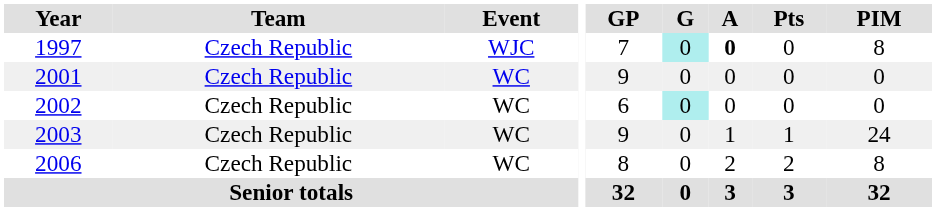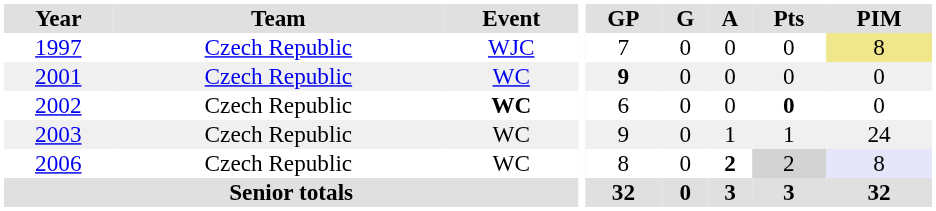 <table border="0" cellpadding="1" cellspacing="0" ID="Table3" style="text-align:center; width:40em">
 <tr ALIGN="center" bgcolor="#e0e0e0">
 <th>Year</th>
 <th>Team</th>
 <th>Event</th>
 <th rowspan="99" bgcolor="#ffffff"></th>
 <th>GP</th>
 <th>G</th>
 <th>A</th>
 <th>Pts</th>
 <th>PIM</th>
 </tr>
 <tr>
 <td><a href='#'>1997</a></td>
 <td><a href='#'>Czech Republic</a></td>
 <td><a href='#'>WJC</a></td>
 <td>7</td>
-<td style="background: paleturquoise;">0</td>
-<td><strong>0</strong></td>
 <td>0</td>
-<td>8</td>
+<td>0</td>
+<td>0</td>
+<td style="background: khaki;">8</td>
 </tr>
 <tr bgcolor="#f0f0f0">
 <td><a href='#'>2001</a></td>
 <td><a href='#'>Czech Republic</a></td>
 <td><a href='#'>WC</a></td>
-<td>9</td>
+<td><strong>9</strong></td>
 <td>0</td>
 <td>0</td>
 <td>0</td>
 <td>0</td>
 </tr>
 <tr>
 <td><a href='#'>2002</a></td>
 <td>Czech Republic</td>
-<td>WC</td>
+<td><strong>WC</strong></td>
 <td>6</td>
-<td style="background: paleturquoise;">0</td>
 <td>0</td>
 <td>0</td>
+<td><strong>0</strong></td>
 <td>0</td>
 </tr>
 <tr bgcolor="#f0f0f0">
 <td><a href='#'>2003</a></td>
 <td>Czech Republic</td>
 <td>WC</td>
 <td>9</td>
 <td>0</td>
 <td>1</td>
 <td>1</td>
 <td>24</td>
 </tr>
 <tr>
 <td><a href='#'>2006</a></td>
 <td>Czech Republic</td>
 <td>WC</td>
 <td>8</td>
 <td>0</td>
-<td>2</td>
-<td>2</td>
-<td>8</td>
+<td><strong>2</strong></td>
+<td style="background: lightgrey;">2</td>
+<td style="background: lavender;">8</td>
 </tr>
 <tr bgcolor="#e0e0e0">
 <th colspan="3">Senior totals</th>
 <th>32</th>
 <th>0</th>
 <th>3</th>
 <th>3</th>
 <th>32</th>
 </tr>
 </table>
